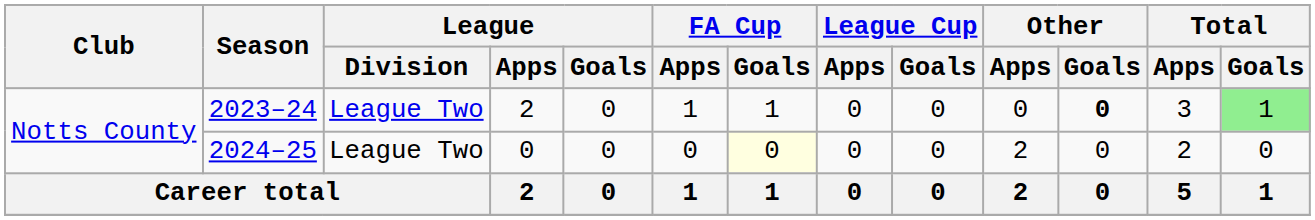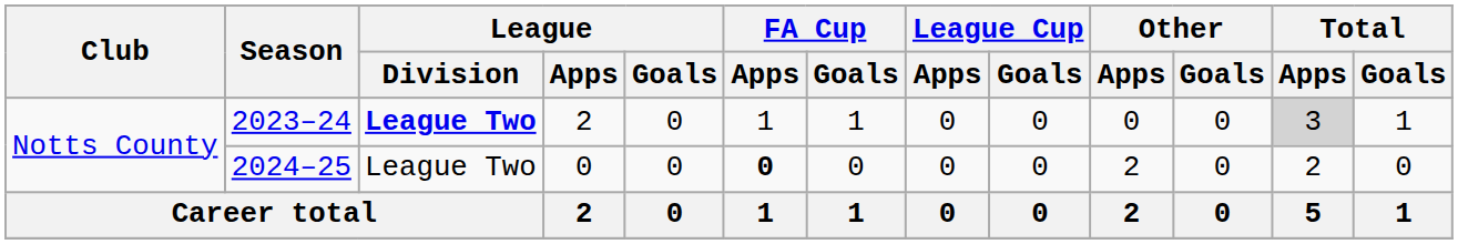 <table class="wikitable" style="text-align: center">
 <tr>
 <th rowspan="2">Club</th>
 <th rowspan="2">Season</th>
 <th colspan="3">League</th>
 <th colspan="2"><a href='#'>FA Cup</a></th>
 <th colspan="2"><a href='#'>League Cup</a></th>
 <th colspan="2">Other</th>
 <th colspan="2">Total</th>
 </tr>
 <tr>
 <th>Division</th>
 <th>Apps</th>
 <th>Goals</th>
 <th>Apps</th>
 <th>Goals</th>
 <th>Apps</th>
 <th>Goals</th>
 <th>Apps</th>
 <th>Goals</th>
 <th>Apps</th>
 <th>Goals</th>
 </tr>
 <tr>
 <td rowspan="2"><a href='#'>Notts County</a></td>
 <td><a href='#'>2023–24</a></td>
-<td><a href='#'>League Two</a></td>
+<td><strong><a href='#'>League Two</a></strong></td>
 <td>2</td>
 <td>0</td>
 <td>1</td>
 <td>1</td>
 <td>0</td>
 <td>0</td>
 <td>0</td>
-<td><strong>0</strong></td>
-<td>3</td>
-<td style="background: lightgreen;">1</td>
+<td>0</td>
+<td style="background: lightgrey;">3</td>
+<td>1</td>
 </tr>
 <tr>
 <td><a href='#'>2024–25</a></td>
 <td>League Two</td>
 <td>0</td>
 <td>0</td>
+<td><strong>0</strong></td>
 <td>0</td>
-<td style="background: lightyellow;">0</td>
 <td>0</td>
 <td>0</td>
 <td>2</td>
 <td>0</td>
 <td>2</td>
 <td>0</td>
 </tr>
 <tr>
 <th colspan="3">Career total</th>
 <th>2</th>
 <th>0</th>
 <th>1</th>
 <th>1</th>
 <th>0</th>
 <th>0</th>
 <th>2</th>
 <th>0</th>
 <th>5</th>
 <th>1</th>
 </tr>
 <tr>
 </tr>
 </table>
